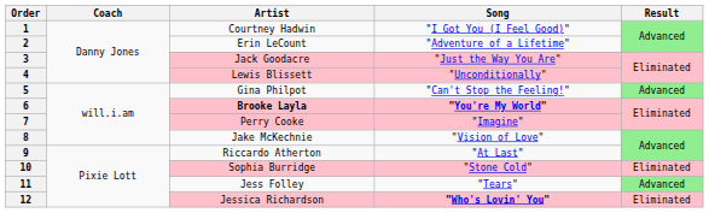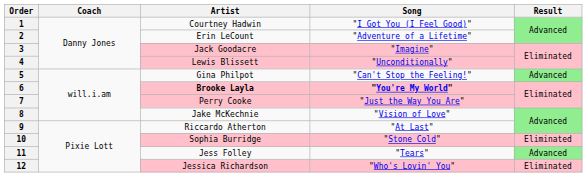 <table class="wikitable" style="text-align:center; width:75%;">
 <tr>
 <th scope="col" style="width:05%;">Order</th>
 <th scope="col" style="width:15%;">Coach</th>
 <th scope="col" style="width:25%;">Artist</th>
 <th scope="col" style="width:30%;">Song</th>
 <th scope="col" style="width:10%;">Result</th>
 </tr>
 <tr>
 <th scope="col">1</th>
 <td rowspan="4">Danny Jones</td>
 <td>Courtney Hadwin</td>
 <td>"<a href='#'>I Got You (I Feel Good)</a>"</td>
 <td rowspan="2" style="background:lightgreen;text-align:center;">Advanced</td>
 </tr>
 <tr>
 <th scope="col">2</th>
 <td>Erin LeCount</td>
 <td>"<a href='#'>Adventure of a Lifetime</a>"</td>
 </tr>
 <tr>
 <th scope="col">3</th>
 <td style="background:pink;">Jack Goodacre</td>
-<td style="background:pink;">"<a href='#'>Just the Way You Are</a>"</td>
+<td style="background:pink;">"<a href='#'>Imagine</a>"</td>
 <td rowspan="2" style="background:pink; ">Eliminated</td>
 </tr>
 <tr>
 <th scope="col">4</th>
 <td style="background:pink;">Lewis Blissett</td>
 <td style="background:pink;">"<a href='#'>Unconditionally</a>"</td>
 </tr>
 <tr>
 <th scope="col">5</th>
 <td rowspan="4">will.i.am</td>
 <td>Gina Philpot</td>
 <td>"<a href='#'>Can't Stop the Feeling!</a>"</td>
 <td style="background:lightgreen;text-align:center;">Advanced</td>
 </tr>
 <tr>
 <th scope="col">6</th>
 <td style="background:pink;"><strong>Brooke Layla</strong></td>
 <td style="background:pink;"><strong>"<a href='#'>You're My World</a>"</strong></td>
 <td rowspan="2" style="background:pink; ">Eliminated</td>
 </tr>
 <tr>
 <th scope="col">7</th>
 <td style="background:pink;">Perry Cooke</td>
-<td style="background:pink;">"<a href='#'>Imagine</a>"</td>
+<td style="background:pink;">"<a href='#'>Just the Way You Are</a>"</td>
 </tr>
 <tr>
 <th scope="col">8</th>
 <td>Jake McKechnie</td>
 <td>"<a href='#'>Vision of Love</a>"</td>
 <td rowspan="2" style="background:lightgreen;text-align:center;">Advanced</td>
 </tr>
 <tr>
 <th scope="col">9</th>
 <td rowspan="4">Pixie Lott</td>
 <td>Riccardo Atherton</td>
 <td>"<a href='#'>At Last</a>"</td>
 </tr>
 <tr>
 <th scope="col">10</th>
 <td style="background:pink;">Sophia Burridge</td>
 <td style="background:pink;">"<a href='#'>Stone Cold</a>"</td>
 <td style="background:pink;">Eliminated</td>
 </tr>
 <tr>
 <th scope="col">11</th>
 <td>Jess Folley</td>
 <td>"<a href='#'>Tears</a>"</td>
 <td style="background:lightgreen;text-align:center;">Advanced</td>
 </tr>
 <tr>
 <th scope="col">12</th>
 <td style="background:pink;">Jessica Richardson</td>
-<td style="background:pink;"><strong>"<a href='#'>Who's Lovin' You</a>"</strong></td>
+<td style="background:pink;">"<a href='#'>Who's Lovin' You</a>"</td>
 <td style="background:pink;">Eliminated</td>
 </tr>
 </table>
